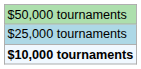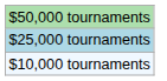 <table class="wikitable" style="font-size:85%;">
 <tr style="background:#addfad;">
 <td>$50,000 tournaments</td>
 </tr>
 <tr style="background:lightblue;">
 <td>$25,000 tournaments</td>
 </tr>
 <tr bgcolor="#f0f8ff">
-<td><strong>$10,000 tournaments</strong></td>
+<td>$10,000 tournaments</td>
 </tr>
 </table>
